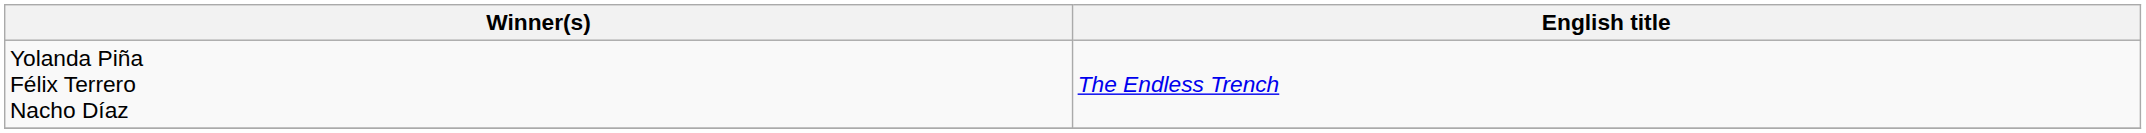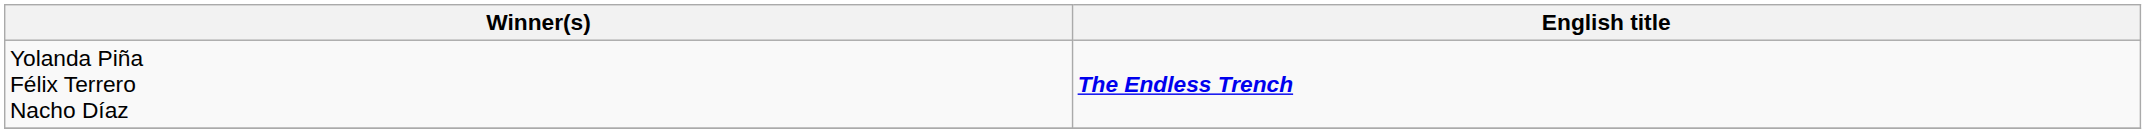 <table class="wikitable" width="95%" cellpadding="5">
 <tr>
 <th width="18%">Winner(s)</th>
 <th width="18%">English title</th>
 </tr>
 <tr>
 <td>  Yolanda Piña <br>  Félix Terrero <br>  Nacho Díaz</td>
-<td><em><a href='#'>The Endless Trench</a></em></td>
+<td><strong><em><a href='#'>The Endless Trench</a></em></strong></td>
 </tr>
 <tr>
 </tr>
 </table>
